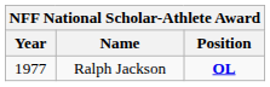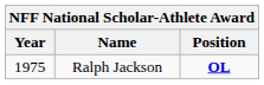 <table class="wikitable">
 <tr align="center">
 <th colspan=5>NFF National Scholar-Athlete Award</th>
 </tr>
 <tr>
 <th>Year</th>
 <th>Name</th>
 <th>Position</th>
 </tr>
 <tr align="center" bgcolor="">
-<td>1977</td>
+<td>1975</td>
 <td>Ralph Jackson</td>
 <td><strong><a href='#'>OL</a></strong></td>
 </tr>
 </table>
